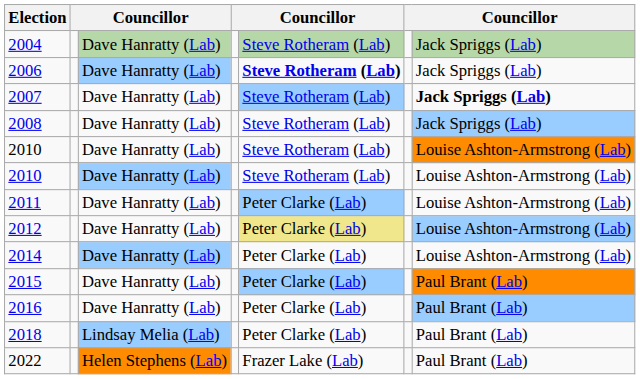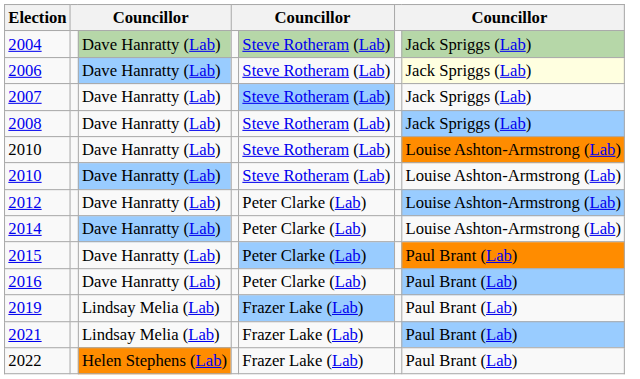 <table class="wikitable">
 <tr>
 <th>Election</th>
 <th colspan="2">Councillor</th>
 <th colspan="2">Councillor</th>
 <th colspan="2">Councillor</th>
 </tr>
 <tr>
 <td><a href='#'>2004</a></td>
 <td style="background-color: "></td>
 <td bgcolor="#B6D7A8">Dave Hanratty (<a href='#'>Lab</a>)</td>
 <td style="background-color: "></td>
 <td bgcolor="#B6D7A8"><a href='#'>Steve Rotheram</a> (<a href='#'>Lab</a>)</td>
 <td style="background-color: "></td>
 <td bgcolor="#B6D7A8">Jack Spriggs (<a href='#'>Lab</a>)</td>
 </tr>
 <tr>
 <td><a href='#'>2006</a></td>
 <td style="background-color: "></td>
 <td bgcolor="#99CCFF">Dave Hanratty (<a href='#'>Lab</a>)</td>
 <td style="background-color: "></td>
-<td><strong><a href='#'>Steve Rotheram</a> (<a href='#'>Lab</a>)</strong></td>
+<td><a href='#'>Steve Rotheram</a> (<a href='#'>Lab</a>)</td>
 <td style="background-color: "></td>
-<td>Jack Spriggs (<a href='#'>Lab</a>)</td>
+<td style="background: lightyellow;">Jack Spriggs (<a href='#'>Lab</a>)</td>
 </tr>
 <tr>
 <td><a href='#'>2007</a></td>
 <td style="background-color: "></td>
 <td>Dave Hanratty (<a href='#'>Lab</a>)</td>
 <td style="background-color: "></td>
 <td bgcolor="#99CCFF"><a href='#'>Steve Rotheram</a> (<a href='#'>Lab</a>)</td>
 <td style="background-color: "></td>
-<td><strong>Jack Spriggs (<a href='#'>Lab</a>)</strong></td>
+<td>Jack Spriggs (<a href='#'>Lab</a>)</td>
 </tr>
 <tr>
 <td><a href='#'>2008</a></td>
 <td style="background-color: "></td>
 <td>Dave Hanratty (<a href='#'>Lab</a>)</td>
 <td style="background-color: "></td>
 <td><a href='#'>Steve Rotheram</a> (<a href='#'>Lab</a>)</td>
 <td style="background-color: "></td>
 <td bgcolor="#99CCFF">Jack Spriggs (<a href='#'>Lab</a>)</td>
 </tr>
 <tr>
 <td>2010</td>
 <td style="background-color: "></td>
 <td>Dave Hanratty (<a href='#'>Lab</a>)</td>
 <td style="background-color: "></td>
 <td><a href='#'>Steve Rotheram</a> (<a href='#'>Lab</a>)</td>
 <td style="background-color: "></td>
 <td bgcolor="#FF8C00">Louise Ashton-Armstrong (<a href='#'>Lab</a>)</td>
 </tr>
 <tr>
 <td><a href='#'>2010</a></td>
 <td style="background-color: "></td>
 <td bgcolor="#99CCFF">Dave Hanratty (<a href='#'>Lab</a>)</td>
 <td style="background-color: "></td>
 <td><a href='#'>Steve Rotheram</a> (<a href='#'>Lab</a>)</td>
 <td style="background-color: "></td>
 <td>Louise Ashton-Armstrong (<a href='#'>Lab</a>)</td>
 </tr>
 <tr>
-<td><a href='#'>2011</a></td>
-<td style="background-color: "></td>
-<td>Dave Hanratty (<a href='#'>Lab</a>)</td>
-<td style="background-color: "></td>
-<td bgcolor="#99CCFF">Peter Clarke (<a href='#'>Lab</a>)</td>
-<td style="background-color: "></td>
-<td>Louise Ashton-Armstrong (<a href='#'>Lab</a>)</td>
-</tr>
-<tr>
 <td><a href='#'>2012</a></td>
 <td style="background-color: "></td>
 <td>Dave Hanratty (<a href='#'>Lab</a>)</td>
 <td style="background-color: "></td>
-<td style="background: khaki;">Peter Clarke (<a href='#'>Lab</a>)</td>
+<td>Peter Clarke (<a href='#'>Lab</a>)</td>
 <td style="background-color: "></td>
 <td bgcolor="#99CCFF">Louise Ashton-Armstrong (<a href='#'>Lab</a>)</td>
 </tr>
 <tr>
 <td><a href='#'>2014</a></td>
 <td style="background-color: "></td>
 <td bgcolor="#99CCFF">Dave Hanratty (<a href='#'>Lab</a>)</td>
 <td style="background-color: "></td>
 <td>Peter Clarke (<a href='#'>Lab</a>)</td>
 <td style="background-color: "></td>
 <td>Louise Ashton-Armstrong (<a href='#'>Lab</a>)</td>
 </tr>
 <tr>
 <td><a href='#'>2015</a></td>
 <td style="background-color: "></td>
 <td>Dave Hanratty (<a href='#'>Lab</a>)</td>
 <td style="background-color: "></td>
 <td bgcolor="#99CCFF">Peter Clarke (<a href='#'>Lab</a>)</td>
 <td style="background-color: "></td>
 <td bgcolor="#FF8C00">Paul Brant (<a href='#'>Lab</a>)</td>
 </tr>
 <tr>
 <td><a href='#'>2016</a></td>
 <td style="background-color: "></td>
 <td>Dave Hanratty (<a href='#'>Lab</a>)</td>
 <td style="background-color: "></td>
 <td>Peter Clarke (<a href='#'>Lab</a>)</td>
 <td style="background-color: "></td>
 <td bgcolor="#99CCFF">Paul Brant (<a href='#'>Lab</a>)</td>
 </tr>
 <tr>
-<td><a href='#'>2018</a></td>
+<td><a href='#'>2019</a></td>
 <td style="background-color: "></td>
-<td bgcolor="#99CCFF">Lindsay Melia (<a href='#'>Lab</a>)</td>
+<td>Lindsay Melia (<a href='#'>Lab</a>)</td>
 <td style="background-color: "></td>
-<td>Peter Clarke (<a href='#'>Lab</a>)</td>
+<td bgcolor="#99CCFF">Frazer Lake (<a href='#'>Lab</a>)</td>
 <td style="background-color: "></td>
 <td>Paul Brant (<a href='#'>Lab</a>)</td>
+</tr>
+<tr>
+<td><a href='#'>2021</a></td>
+<td style="background-color: "></td>
+<td>Lindsay Melia (<a href='#'>Lab</a>)</td>
+<td style="background-color: "></td>
+<td>Frazer Lake (<a href='#'>Lab</a>)</td>
+<td style="background-color: "></td>
+<td bgcolor="#99CCFF">Paul Brant (<a href='#'>Lab</a>)</td>
 </tr>
 <tr>
 <td>2022</td>
 <td style="background-color: "></td>
 <td bgcolor="#FF8C00">Helen Stephens (<a href='#'>Lab</a>)</td>
 <td style="background-color: "></td>
 <td>Frazer Lake (<a href='#'>Lab</a>)</td>
 <td style="background-color: "></td>
 <td>Paul Brant (<a href='#'>Lab</a>)</td>
 </tr>
 </table>
